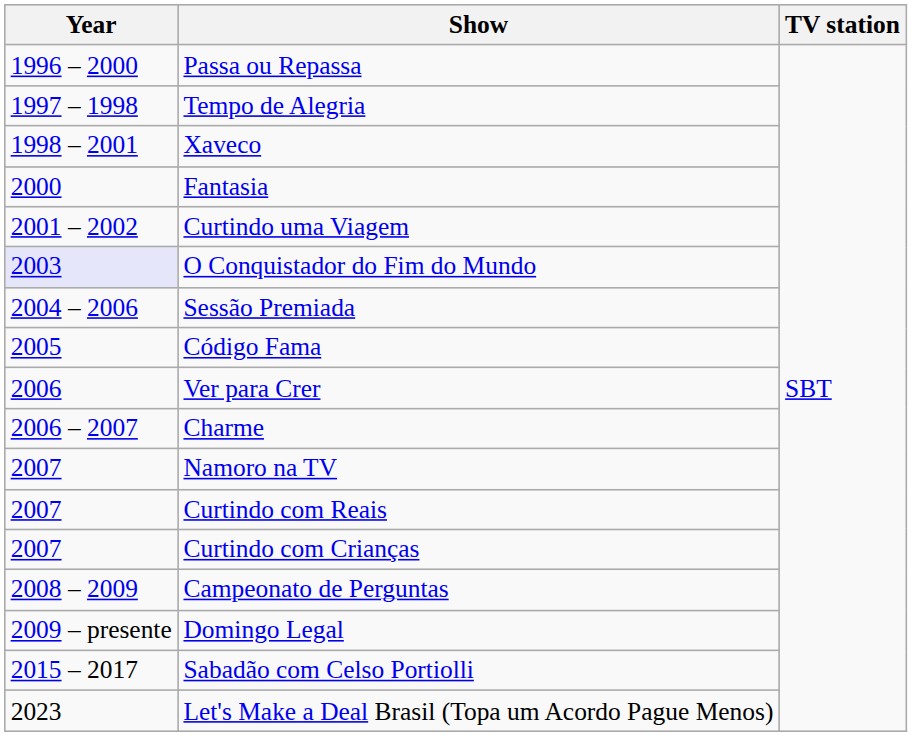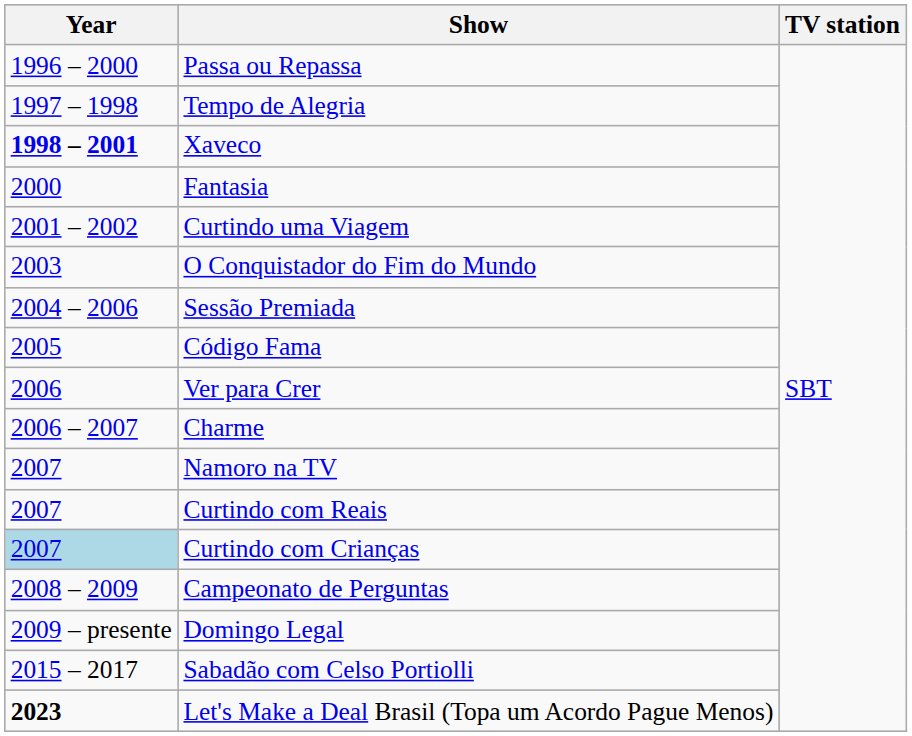 <table class="wikitable">
 <tr>
 <th>Year</th>
 <th>Show</th>
 <th>TV station</th>
 </tr>
 <tr>
 <td><a href='#'>1996</a> – <a href='#'>2000</a></td>
 <td><a href='#'>Passa ou Repassa</a></td>
 <td rowspan="17"><a href='#'>SBT</a></td>
 </tr>
 <tr>
 <td><a href='#'>1997</a> – <a href='#'>1998</a></td>
 <td><a href='#'>Tempo de Alegria</a></td>
 </tr>
 <tr>
-<td><a href='#'>1998</a> – <a href='#'>2001</a></td>
+<td><strong><a href='#'>1998</a> – <a href='#'>2001</a></strong></td>
 <td><a href='#'>Xaveco</a></td>
 </tr>
 <tr>
 <td><a href='#'>2000</a></td>
 <td><a href='#'>Fantasia</a></td>
 </tr>
 <tr>
 <td><a href='#'>2001</a> – <a href='#'>2002</a></td>
 <td><a href='#'>Curtindo uma Viagem</a></td>
 </tr>
 <tr>
-<td style="background: lavender;"><a href='#'>2003</a></td>
+<td><a href='#'>2003</a></td>
 <td><a href='#'>O Conquistador do Fim do Mundo</a></td>
 </tr>
 <tr>
 <td><a href='#'>2004</a> – <a href='#'>2006</a></td>
 <td><a href='#'>Sessão Premiada</a></td>
 </tr>
 <tr>
 <td><a href='#'>2005</a></td>
 <td><a href='#'>Código Fama</a></td>
 </tr>
 <tr>
 <td><a href='#'>2006</a></td>
 <td><a href='#'>Ver para Crer</a></td>
 </tr>
 <tr>
 <td><a href='#'>2006</a> – <a href='#'>2007</a></td>
 <td><a href='#'>Charme</a></td>
 </tr>
 <tr>
 <td><a href='#'>2007</a></td>
 <td><a href='#'>Namoro na TV</a></td>
 </tr>
 <tr>
 <td><a href='#'>2007</a></td>
 <td><a href='#'>Curtindo com Reais</a></td>
 </tr>
 <tr>
-<td><a href='#'>2007</a></td>
+<td style="background: lightblue;"><a href='#'>2007</a></td>
 <td><a href='#'>Curtindo com Crianças</a></td>
 </tr>
 <tr>
 <td><a href='#'>2008</a> – <a href='#'>2009</a></td>
 <td><a href='#'>Campeonato de Perguntas</a></td>
 </tr>
 <tr>
 <td><a href='#'>2009</a> – presente</td>
 <td><a href='#'>Domingo Legal</a></td>
 </tr>
 <tr>
 <td><a href='#'>2015</a> – 2017</td>
 <td><a href='#'>Sabadão com Celso Portiolli</a></td>
 </tr>
 <tr>
-<td>2023</td>
+<td><strong>2023</strong></td>
 <td><a href='#'>Let's Make a Deal</a> Brasil (Topa um Acordo Pague Menos) </td>
 </tr>
 <tr>
 </tr>
 </table>
